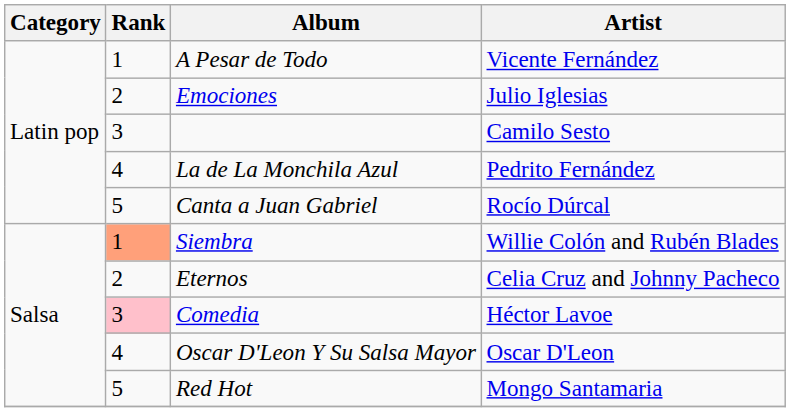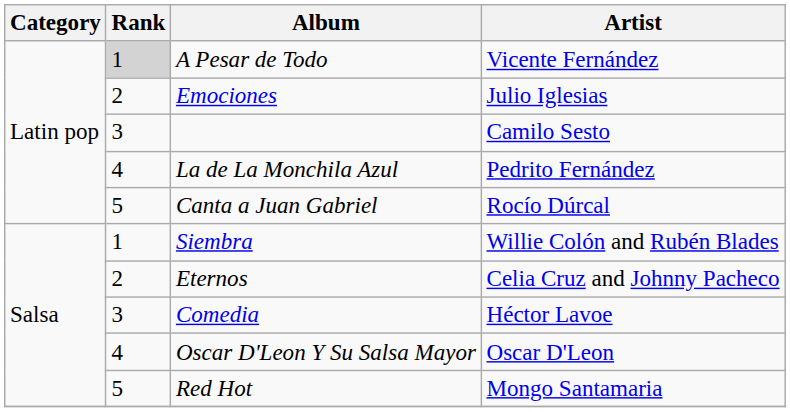 <table class="wikitable sortable">
 <tr>
 <th>Category</th>
 <th>Rank</th>
 <th>Album</th>
 <th>Artist</th>
 </tr>
 <tr>
 <td rowspan="5">Latin pop</td>
-<td>1</td>
+<td style="background: lightgrey;">1</td>
 <td><em>A Pesar de Todo</em></td>
 <td><a href='#'>Vicente Fernández</a></td>
 </tr>
 <tr>
 <td>2</td>
 <td><em><a href='#'>Emociones</a></em></td>
 <td><a href='#'>Julio Iglesias</a></td>
 </tr>
 <tr>
 <td>3</td>
 <td><em></em></td>
 <td><a href='#'>Camilo Sesto</a></td>
 </tr>
 <tr>
 <td>4</td>
 <td><em>La de La Monchila Azul</em></td>
 <td><a href='#'>Pedrito Fernández</a></td>
 </tr>
 <tr>
 <td>5</td>
 <td><em>Canta a Juan Gabriel</em></td>
 <td><a href='#'>Rocío Dúrcal</a></td>
 </tr>
 <tr>
 <td rowspan="5">Salsa</td>
-<td style="background: lightsalmon;">1</td>
+<td>1</td>
 <td><em><a href='#'>Siembra</a></em></td>
 <td><a href='#'>Willie Colón</a> and <a href='#'>Rubén Blades</a></td>
 </tr>
 <tr>
 <td>2</td>
 <td><em>Eternos</em></td>
 <td><a href='#'>Celia Cruz</a> and <a href='#'>Johnny Pacheco</a></td>
 </tr>
 <tr>
-<td style="background: pink;">3</td>
+<td>3</td>
 <td><em><a href='#'>Comedia</a></em></td>
 <td><a href='#'>Héctor Lavoe</a></td>
 </tr>
 <tr>
 <td>4</td>
 <td><em>Oscar D'Leon Y Su Salsa Mayor</em></td>
 <td><a href='#'>Oscar D'Leon</a></td>
 </tr>
 <tr>
 <td>5</td>
 <td><em>Red Hot</em></td>
 <td><a href='#'>Mongo Santamaria</a></td>
 </tr>
 <tr>
 </tr>
 </table>
